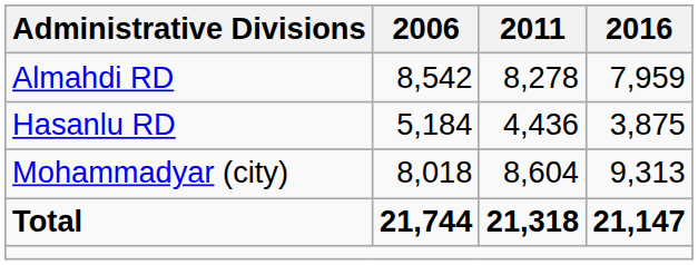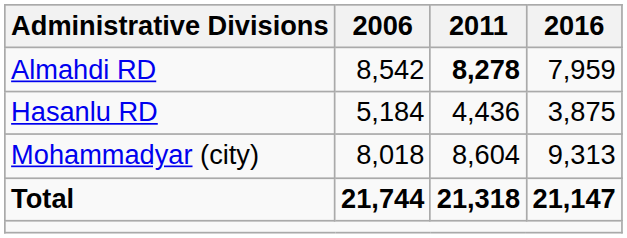 <table class="wikitable">
 <tr>
 <th>Administrative Divisions</th>
 <th>2006</th>
 <th>2011</th>
 <th>2016</th>
 </tr>
 <tr>
 <td><a href='#'>Almahdi RD</a></td>
 <td style="text-align: right;">8,542</td>
-<td style="text-align: right;">8,278</td>
+<td style="text-align: right;"><strong>8,278</strong></td>
 <td style="text-align: right;">7,959</td>
 </tr>
 <tr>
 <td><a href='#'>Hasanlu RD</a></td>
 <td style="text-align: right;">5,184</td>
 <td style="text-align: right;">4,436</td>
 <td style="text-align: right;">3,875</td>
 </tr>
 <tr>
 <td><a href='#'>Mohammadyar</a> (city)</td>
 <td style="text-align: right;">8,018</td>
 <td style="text-align: right;">8,604</td>
 <td style="text-align: right;">9,313</td>
 </tr>
 <tr>
 <td><strong>Total</strong></td>
 <td style="text-align: right;"><strong>21,744</strong></td>
 <td style="text-align: right;"><strong>21,318</strong></td>
 <td style="text-align: right;"><strong>21,147</strong></td>
 </tr>
 <tr>
 <td colspan=4></td>
 </tr>
 </table>
